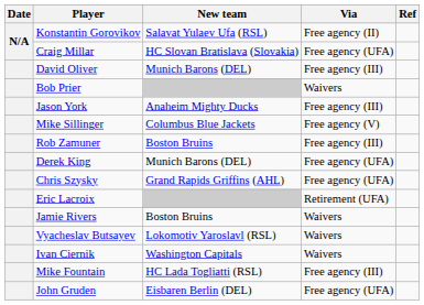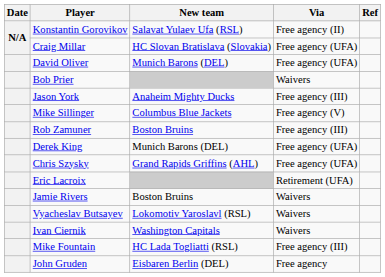 <table class="wikitable plainrowheaders">
 <tr style="background:#ddd; text-align:center;">
 <th>Date</th>
 <th>Player</th>
 <th>New team</th>
 <th>Via</th>
 <th>Ref</th>
 </tr>
 <tr>
 <th scope="row" rowspan=2>N/A</th>
 <td><a href='#'>Konstantin Gorovikov</a></td>
 <td><a href='#'>Salavat Yulaev Ufa</a> (<a href='#'>RSL</a>)</td>
 <td>Free agency (II)</td>
 <td></td>
 </tr>
 <tr>
 <td><a href='#'>Craig Millar</a></td>
 <td><a href='#'>HC Slovan Bratislava</a> (<a href='#'>Slovakia</a>)</td>
 <td>Free agency (UFA)</td>
 <td></td>
 </tr>
 <tr>
 <th scope="row"></th>
 <td><a href='#'>David Oliver</a></td>
 <td><a href='#'>Munich Barons</a> (<a href='#'>DEL</a>)</td>
-<td>Free agency (III)</td>
+<td>Free agency (UFA)</td>
 <td></td>
 </tr>
 <tr>
 <th scope="row"></th>
 <td><a href='#'>Bob Prier</a></td>
 <td style="background:#ccc"></td>
 <td>Waivers</td>
 <td></td>
 </tr>
 <tr>
 <th scope="row"></th>
 <td><a href='#'>Jason York</a></td>
 <td><a href='#'>Anaheim Mighty Ducks</a></td>
 <td>Free agency (III)</td>
 <td></td>
 </tr>
 <tr>
 <th scope="row"></th>
 <td><a href='#'>Mike Sillinger</a></td>
 <td><a href='#'>Columbus Blue Jackets</a></td>
 <td>Free agency (V)</td>
 <td></td>
 </tr>
 <tr>
 <th scope="row"></th>
 <td><a href='#'>Rob Zamuner</a></td>
 <td><a href='#'>Boston Bruins</a></td>
 <td>Free agency (III)</td>
 <td></td>
 </tr>
 <tr>
 <th scope="row"></th>
 <td><a href='#'>Derek King</a></td>
 <td>Munich Barons (DEL)</td>
 <td>Free agency (UFA)</td>
 <td></td>
 </tr>
 <tr>
 <th scope="row"></th>
 <td><a href='#'>Chris Szysky</a></td>
 <td><a href='#'>Grand Rapids Griffins</a> (<a href='#'>AHL</a>)</td>
 <td>Free agency (UFA)</td>
 <td></td>
 </tr>
 <tr>
 <th scope="row"></th>
 <td><a href='#'>Eric Lacroix</a></td>
 <td style="background:#ccc"></td>
 <td>Retirement (UFA)</td>
 <td></td>
 </tr>
 <tr>
 <th scope="row"></th>
 <td><a href='#'>Jamie Rivers</a></td>
 <td>Boston Bruins</td>
 <td>Waivers</td>
 <td></td>
 </tr>
 <tr>
 <th scope="row"></th>
 <td><a href='#'>Vyacheslav Butsayev</a></td>
 <td><a href='#'>Lokomotiv Yaroslavl</a> (RSL)</td>
 <td>Waivers</td>
 <td></td>
 </tr>
 <tr>
 <th scope="row"></th>
 <td><a href='#'>Ivan Ciernik</a></td>
 <td><a href='#'>Washington Capitals</a></td>
 <td>Waivers</td>
 <td></td>
 </tr>
 <tr>
 <th scope="row"></th>
 <td><a href='#'>Mike Fountain</a></td>
 <td><a href='#'>HC Lada Togliatti</a> (RSL)</td>
 <td>Free agency (III)</td>
 <td></td>
 </tr>
 <tr>
 <th scope="row"></th>
 <td><a href='#'>John Gruden</a></td>
 <td><a href='#'>Eisbaren Berlin</a> (DEL)</td>
-<td>Free agency (UFA)</td>
+<td>Free agency</td>
 <td></td>
 </tr>
 </table>
